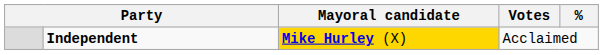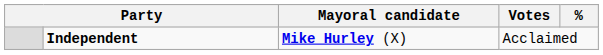 <table class="wikitable">
 <tr>
 <th width="250px" colspan="2">Party</th>
 <th width="200px">Mayoral candidate</th>
 <th width="50px">Votes</th>
 <th width="30px">%</th>
 </tr>
 <tr>
 <td style="background:gainsboro" width="30px"><strong> </strong></td>
 <td><strong>Independent</strong></td>
-<td style="background: gold;"><strong><a href='#'>Mike Hurley</a></strong> (X) </td>
+<td><strong><a href='#'>Mike Hurley</a></strong> (X) </td>
 <td colspan="2">Acclaimed</td>
 </tr>
 </table>
